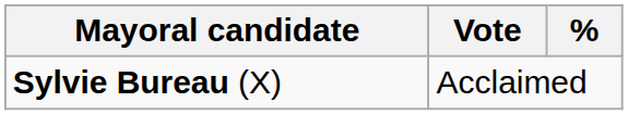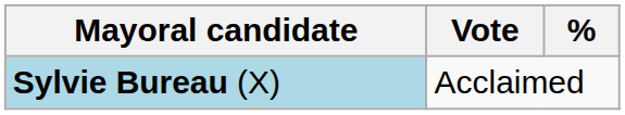 <table class="wikitable">
 <tr>
 <th bgcolor="#DDDDFF" width="200px">Mayoral candidate</th>
 <th bgcolor="#DDDDFF" width="50px">Vote</th>
 <th bgcolor="#DDDDFF"  width="30px">%</th>
 </tr>
 <tr>
-<td><strong>Sylvie Bureau</strong> (X)</td>
+<td style="background: lightblue;"><strong>Sylvie Bureau</strong> (X)</td>
 <td colspan="2">Acclaimed</td>
 </tr>
 </table>
